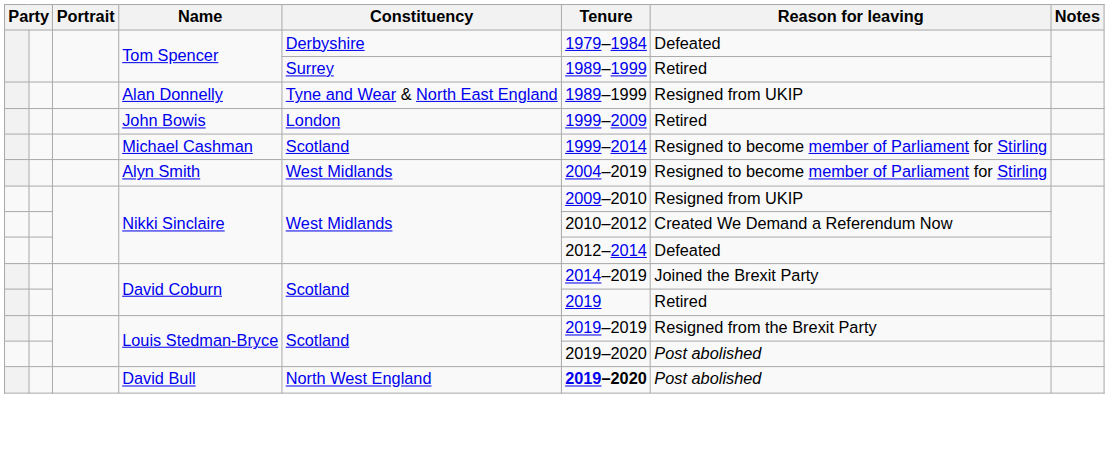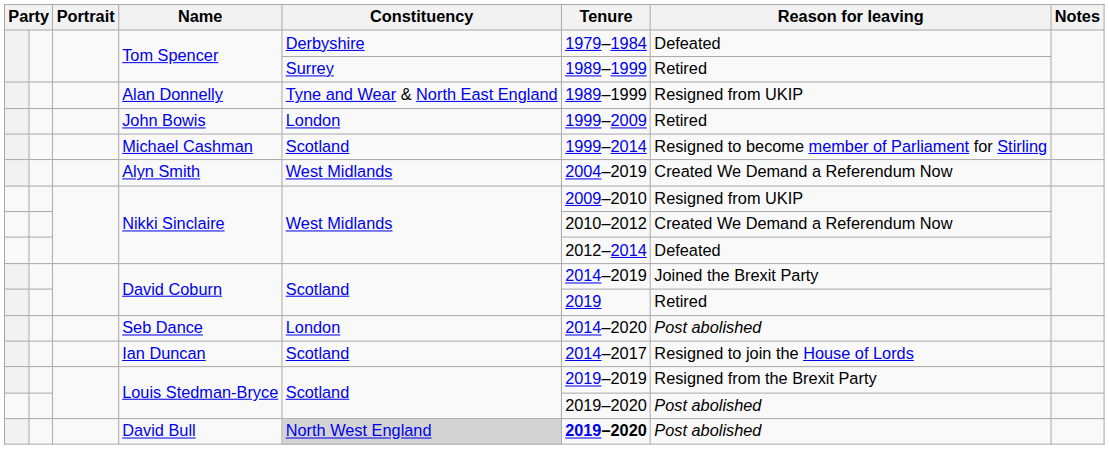 <table class="wikitable sortable">
 <tr>
 <th colspan=2>Party</th>
 <th class="unsortable">Portrait</th>
 <th class="unsortable">Name</th>
 <th class="unsortable">Constituency</th>
 <th>Tenure</th>
 <th>Reason for leaving</th>
 <th class="unsortable">Notes</th>
 </tr>
 <tr>
 <th rowspan=2 style="background-color: "></th>
 <td rowspan=2></td>
 <td rowspan=2></td>
 <td rowspan=2><a href='#'>Tom Spencer</a></td>
 <td><a href='#'>Derbyshire</a></td>
 <td><a href='#'>1979</a>–<a href='#'>1984</a></td>
 <td>Defeated</td>
 <td rowspan=2></td>
 </tr>
 <tr>
 <td><a href='#'>Surrey</a></td>
 <td><a href='#'>1989</a>–<a href='#'>1999</a></td>
 <td>Retired</td>
 </tr>
 <tr>
 <th style="background-color: "></th>
 <td></td>
 <td></td>
 <td><a href='#'>Alan Donnelly</a></td>
 <td><a href='#'>Tyne and Wear</a> & <a href='#'>North East England</a></td>
 <td><a href='#'>1989</a>–1999</td>
 <td>Resigned from UKIP</td>
 <td></td>
 </tr>
 <tr>
 <th style="background-color: "></th>
 <td></td>
 <td></td>
 <td><a href='#'>John Bowis</a></td>
 <td><a href='#'>London</a></td>
 <td><a href='#'>1999</a>–<a href='#'>2009</a></td>
 <td>Retired</td>
 <td></td>
 </tr>
 <tr>
 <th style="background-color: "></th>
 <td></td>
 <td></td>
 <td><a href='#'>Michael Cashman</a></td>
 <td><a href='#'>Scotland</a></td>
 <td><a href='#'>1999</a>–<a href='#'>2014</a></td>
 <td>Resigned to become <a href='#'>member of Parliament</a> for <a href='#'>Stirling</a></td>
 <td></td>
 </tr>
 <tr>
 <th style="background-color: "></th>
 <td></td>
 <td></td>
 <td><a href='#'>Alyn Smith</a></td>
 <td><a href='#'>West Midlands</a></td>
 <td><a href='#'>2004</a>–2019</td>
-<td>Resigned to become <a href='#'>member of Parliament</a> for <a href='#'>Stirling</a></td>
+<td>Created We Demand a Referendum Now</td>
 <td></td>
 </tr>
 <tr>
 <td ! style="background-color: "></td>
 <td></td>
 <td rowspan=3></td>
 <td rowspan=3><a href='#'>Nikki Sinclaire</a></td>
 <td rowspan=3><a href='#'>West Midlands</a></td>
 <td><a href='#'>2009</a>–2010</td>
 <td>Resigned from UKIP</td>
 <td rowspan=3></td>
 </tr>
 <tr>
 <td ! style="background-color: "></td>
 <td></td>
 <td>2010–2012</td>
 <td>Created We Demand a Referendum Now</td>
 </tr>
 <tr>
 <td ! style="background-color: "></td>
 <td></td>
 <td>2012–<a href='#'>2014</a></td>
 <td>Defeated</td>
 </tr>
 <tr>
 <th style="background-color: "></th>
 <td></td>
 <td rowspan="2"></td>
 <td rowspan="2"><a href='#'>David Coburn</a></td>
 <td rowspan="2"><a href='#'>Scotland</a></td>
 <td><a href='#'>2014</a>–2019</td>
 <td>Joined the Brexit Party</td>
 <td rowspan="2"></td>
 </tr>
 <tr>
 <th style="background-color: "></th>
 <td></td>
 <td><a href='#'>2019</a></td>
 <td>Retired</td>
 </tr>
+<tr>
+<th style="background-color: "></th>
+<td></td>
+<td></td>
+<td><a href='#'>Seb Dance</a></td>
+<td><a href='#'>London</a></td>
+<td><a href='#'>2014</a>–2020</td>
+<td><em>Post abolished</em></td>
+<td></td>
+</tr>
+<tr>
+<th style="background-color: "></th>
+<td></td>
+<td></td>
+<td><a href='#'>Ian Duncan</a></td>
+<td><a href='#'>Scotland</a></td>
+<td><a href='#'>2014</a>–2017</td>
+<td>Resigned to join the <a href='#'>House of Lords</a></td>
+<td></td>
+</tr>
 <tr s>
 <th style="background-color: "></th>
 <td></td>
 <td rowspan="2"></td>
 <td rowspan="2"><a href='#'>Louis Stedman-Bryce</a></td>
 <td rowspan="2"><a href='#'>Scotland</a></td>
 <td><a href='#'>2019</a>–2019</td>
 <td>Resigned from the Brexit Party</td>
 <td></td>
 </tr>
 <tr>
 <td ! style="background-color: "></td>
 <td></td>
 <td>2019–2020</td>
 <td><em>Post abolished</em></td>
 <td></td>
 </tr>
 <tr>
 <th style="background-color: "></th>
 <td></td>
 <td></td>
 <td><a href='#'>David Bull</a></td>
-<td><a href='#'>North West England</a></td>
+<td style="background: lightgrey;"><a href='#'>North West England</a></td>
 <td><strong><a href='#'>2019</a>–2020</strong></td>
 <td><em>Post abolished</em></td>
 <td></td>
 </tr>
 </table>
